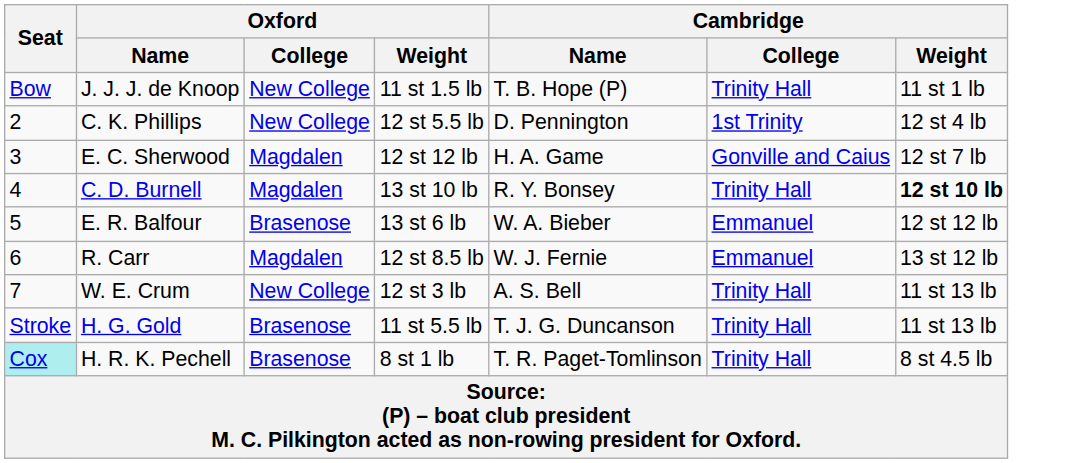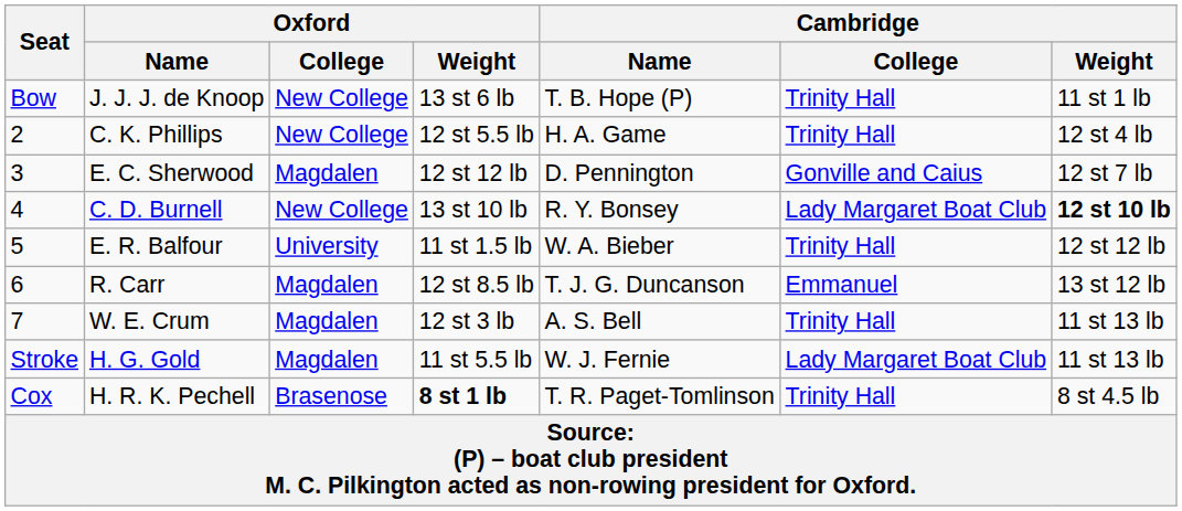 <table class="wikitable">
 <tr>
 <th rowspan="2" scope="col">Seat</th>
 <th colspan="3" scope="col">Oxford <br> </th>
 <th colspan="3" scope="col">Cambridge <br> </th>
 </tr>
 <tr>
 <th>Name</th>
 <th>College</th>
 <th>Weight</th>
 <th>Name</th>
 <th>College</th>
 <th>Weight</th>
 </tr>
 <tr>
 <td><a href='#'>Bow</a></td>
 <td>J. J. J. de Knoop</td>
 <td><a href='#'>New College</a></td>
-<td>11 st 1.5 lb</td>
+<td>13 st 6 lb</td>
 <td>T. B. Hope (P)</td>
 <td><a href='#'>Trinity Hall</a></td>
 <td>11 st 1 lb</td>
 </tr>
 <tr>
 <td>2</td>
 <td>C. K. Phillips</td>
 <td><a href='#'>New College</a></td>
 <td>12 st 5.5 lb</td>
-<td>D. Pennington</td>
-<td><a href='#'>1st Trinity</a></td>
+<td>H. A. Game</td>
+<td><a href='#'>Trinity Hall</a></td>
 <td>12 st 4 lb</td>
 </tr>
 <tr>
 <td>3</td>
 <td>E. C. Sherwood</td>
 <td><a href='#'>Magdalen</a></td>
 <td>12 st 12 lb</td>
-<td>H. A. Game</td>
+<td>D. Pennington</td>
 <td><a href='#'>Gonville and Caius</a></td>
 <td>12 st 7 lb</td>
 </tr>
 <tr>
 <td>4</td>
 <td><a href='#'>C. D. Burnell</a></td>
-<td><a href='#'>Magdalen</a></td>
+<td><a href='#'>New College</a></td>
 <td>13 st 10 lb</td>
 <td>R. Y. Bonsey</td>
-<td><a href='#'>Trinity Hall</a></td>
+<td><a href='#'>Lady Margaret Boat Club</a></td>
 <td><strong>12 st 10 lb</strong></td>
 </tr>
 <tr>
 <td>5</td>
 <td>E. R. Balfour</td>
-<td><a href='#'>Brasenose</a></td>
-<td>13 st 6 lb</td>
+<td><a href='#'>University</a></td>
+<td>11 st 1.5 lb</td>
 <td>W. A. Bieber</td>
-<td><a href='#'>Emmanuel</a></td>
+<td><a href='#'>Trinity Hall</a></td>
 <td>12 st 12 lb</td>
 </tr>
 <tr>
 <td>6</td>
 <td>R. Carr</td>
 <td><a href='#'>Magdalen</a></td>
 <td>12 st 8.5 lb</td>
-<td>W. J. Fernie</td>
+<td>T. J. G. Duncanson</td>
 <td><a href='#'>Emmanuel</a></td>
 <td>13 st 12 lb</td>
 </tr>
 <tr>
 <td>7</td>
 <td>W. E. Crum</td>
-<td><a href='#'>New College</a></td>
+<td><a href='#'>Magdalen</a></td>
 <td>12 st 3 lb</td>
 <td>A. S. Bell</td>
 <td><a href='#'>Trinity Hall</a></td>
 <td>11 st 13 lb</td>
 </tr>
 <tr>
 <td><a href='#'>Stroke</a></td>
 <td><a href='#'>H. G. Gold</a></td>
-<td><a href='#'>Brasenose</a></td>
+<td><a href='#'>Magdalen</a></td>
 <td>11 st 5.5 lb</td>
-<td>T. J. G. Duncanson</td>
-<td><a href='#'>Trinity Hall</a></td>
+<td>W. J. Fernie</td>
+<td><a href='#'>Lady Margaret Boat Club</a></td>
 <td>11 st 13 lb</td>
 </tr>
 <tr>
-<td style="background: paleturquoise;"><a href='#'>Cox</a></td>
+<td><a href='#'>Cox</a></td>
 <td>H. R. K. Pechell</td>
 <td><a href='#'>Brasenose</a></td>
-<td>8 st 1 lb</td>
+<td><strong>8 st 1 lb</strong></td>
 <td>T. R. Paget-Tomlinson</td>
 <td><a href='#'>Trinity Hall</a></td>
 <td>8 st 4.5 lb</td>
 </tr>
 <tr>
 <th colspan="7">Source:<br>(P) – boat club president<br>M. C. Pilkington acted as non-rowing president for Oxford.</th>
 </tr>
 </table>
